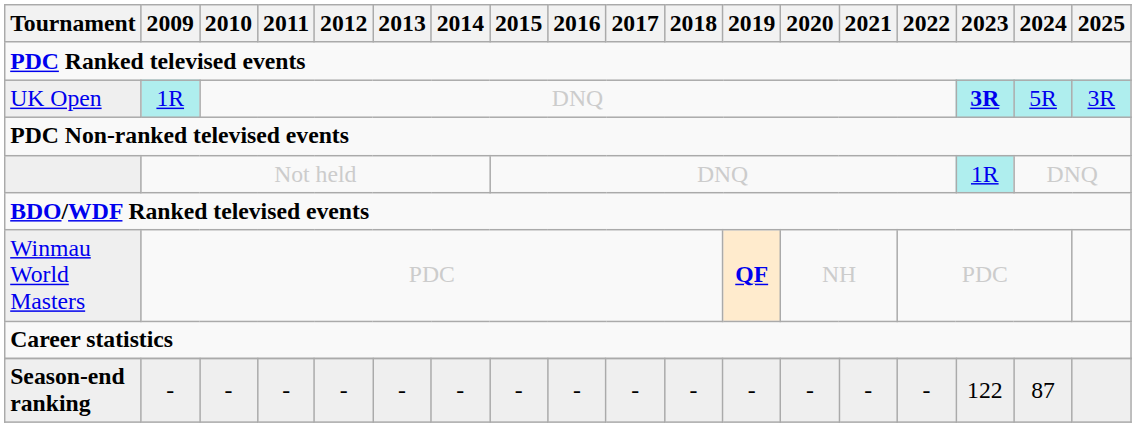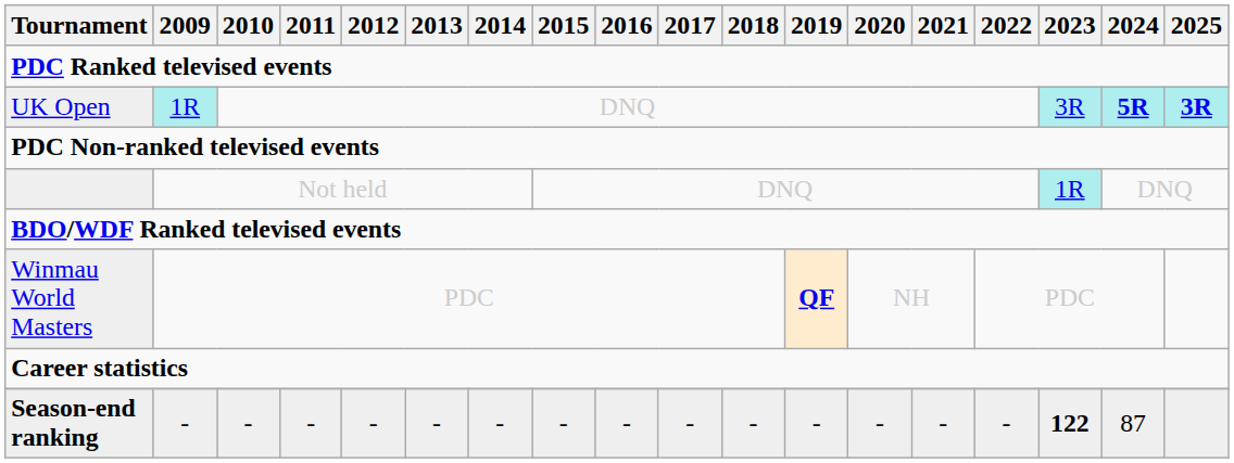 <table class="wikitable" style="width:65%; margin:0">
 <tr>
 <th>Tournament</th>
 <th>2009</th>
 <th>2010</th>
 <th>2011</th>
 <th>2012</th>
 <th>2013</th>
 <th>2014</th>
 <th>2015</th>
 <th>2016</th>
 <th>2017</th>
 <th>2018</th>
 <th>2019</th>
 <th>2020</th>
 <th>2021</th>
 <th>2022</th>
 <th>2023</th>
 <th>2024</th>
 <th>2025</th>
 </tr>
 <tr>
 <td colspan="31" align="left"><strong><a href='#'>PDC</a> Ranked televised events</strong></td>
 </tr>
 <tr>
 <td style="background:#efefef;"><a href='#'>UK Open</a></td>
 <td style="text-align:center; background:#afeeee;"><a href='#'>1R</a></td>
 <td colspan="13" style="text-align:center; color:#ccc;">DNQ</td>
+<td style="text-align:center; background:#afeeee;"><a href='#'>3R</a></td>
+<td style="text-align:center; background:#afeeee;"><strong><a href='#'>5R</a></strong></td>
 <td style="text-align:center; background:#afeeee;"><strong><a href='#'>3R</a></strong></td>
-<td style="text-align:center; background:#afeeee;"><a href='#'>5R</a></td>
-<td style="text-align:center; background:#afeeee;"><a href='#'>3R</a></td>
 </tr>
 <tr>
 <td colspan="31" align="left"><strong>PDC Non-ranked televised events</strong></td>
 </tr>
 <tr>
 <td style="background:#efefef;"></td>
 <td colspan="6" style="text-align:center; color:#ccc;">Not held</td>
 <td colspan="8" style="text-align:center; color:#ccc;">DNQ</td>
 <td style="text-align:center; background:#afeeee;"><a href='#'>1R</a></td>
 <td colspan="2" style="text-align:center; color:#ccc;">DNQ</td>
 </tr>
 <tr>
 <td colspan="31" align="left"><strong><a href='#'>BDO</a>/<a href='#'>WDF</a> Ranked televised events</strong></td>
 </tr>
 <tr>
 <td style="background:#efefef;" align=left><a href='#'>Winmau World Masters</a></td>
 <td colspan="10" style="text-align:center; color:#ccc;">PDC</td>
 <td style="text-align:center; background:#ffebcd;"><strong><a href='#'>QF</a></strong></td>
 <td colspan="2" style="text-align:center; color:#ccc;">NH</td>
 <td colspan="3" style="text-align:center; color:#ccc;">PDC</td>
 <td></td>
 </tr>
 <tr>
 <td colspan="22" align="left"><strong>Career statistics</strong></td>
 </tr>
 <tr>
 </tr>
 <tr bgcolor="efefef">
 <td align="left"><strong>Season-end ranking</strong></td>
 <td style="text-align:center;">-</td>
 <td style="text-align:center;">-</td>
 <td style="text-align:center;">-</td>
 <td style="text-align:center;">-</td>
 <td style="text-align:center;">-</td>
 <td style="text-align:center;">-</td>
 <td style="text-align:center;">-</td>
 <td style="text-align:center;">-</td>
 <td style="text-align:center;">-</td>
 <td style="text-align:center;">-</td>
 <td style="text-align:center;">-</td>
 <td style="text-align:center;">-</td>
 <td style="text-align:center;">-</td>
 <td style="text-align:center;">-</td>
-<td style="text-align:center;">122</td>
+<td style="text-align:center;"><strong>122</strong></td>
 <td style="text-align:center;">87</td>
 <td style="text-align:center;"></td>
 </tr>
 </table>
